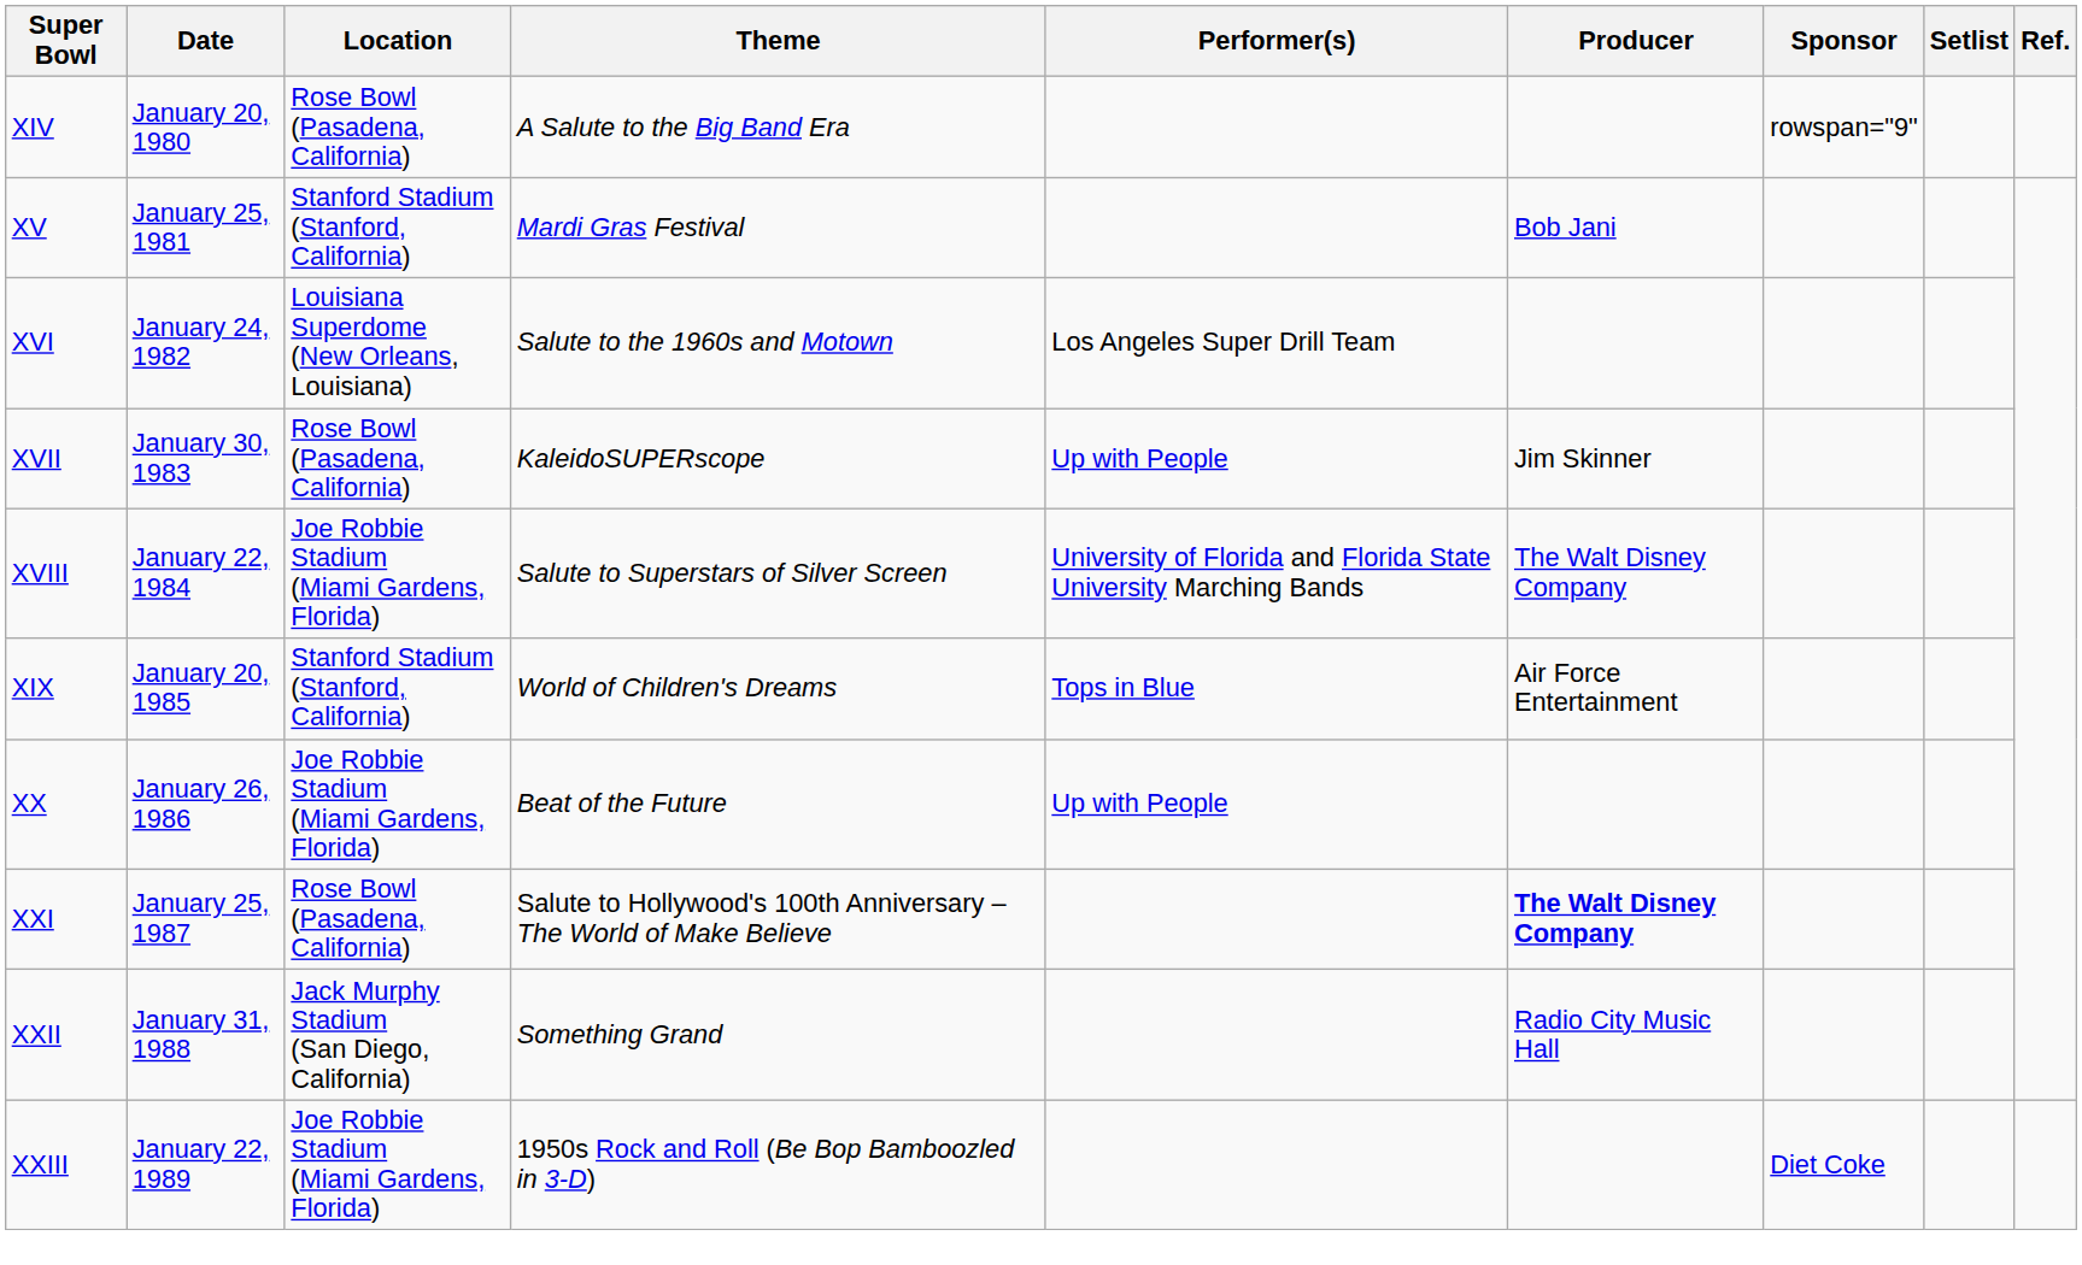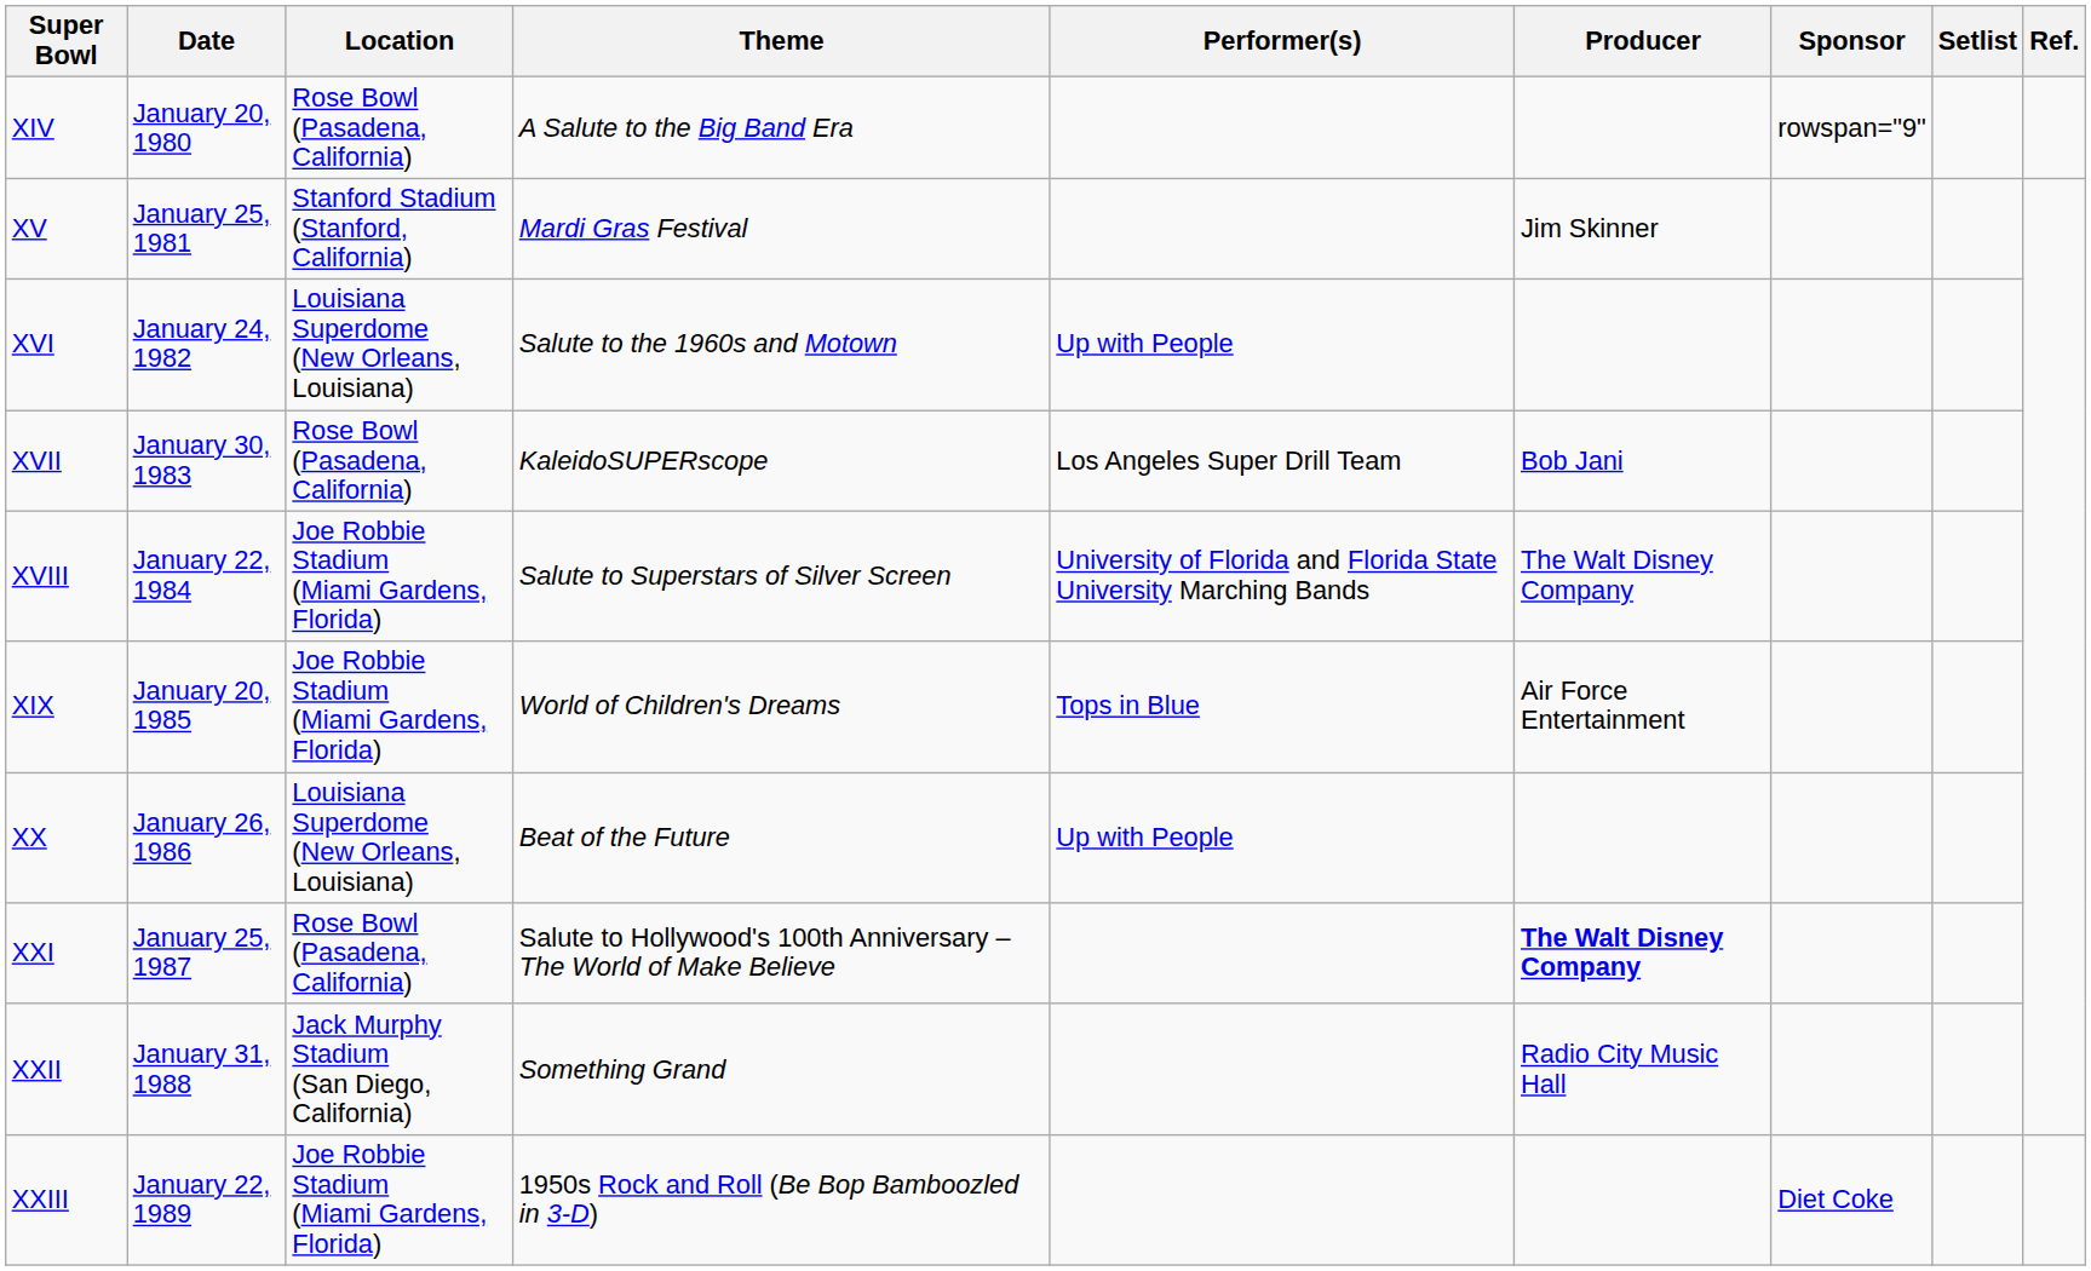 <table class="wikitable" style="width: 100%; ">
 <tr>
 <th>Super Bowl</th>
 <th>Date</th>
 <th>Location</th>
 <th>Theme</th>
 <th>Performer(s)</th>
 <th>Producer</th>
 <th>Sponsor</th>
 <th>Setlist</th>
 <th>Ref.</th>
 </tr>
 <tr>
 <td><a href='#'>XIV</a><br></td>
 <td><a href='#'>January 20, 1980</a></td>
 <td><a href='#'>Rose Bowl</a><br>(<a href='#'>Pasadena, California</a>)</td>
 <td><em>A Salute to the <a href='#'>Big Band</a> Era</em></td>
 <td></td>
 <td></td>
 <td>rowspan="9" </td>
 <td></td>
 <td></td>
 </tr>
 <tr>
 <td><a href='#'>XV</a></td>
 <td><a href='#'>January 25, 1981</a></td>
 <td><a href='#'>Stanford Stadium</a><br>(<a href='#'>Stanford, California</a>)</td>
 <td><em><a href='#'>Mardi Gras</a> Festival</em></td>
 <td></td>
-<td><a href='#'>Bob Jani</a></td>
+<td>Jim Skinner</td>
 <td></td>
 <td></td>
 </tr>
 <tr>
 <td><a href='#'>XVI</a><br></td>
 <td><a href='#'>January 24, 1982</a></td>
 <td><a href='#'>Louisiana Superdome</a><br>(<a href='#'>New Orleans</a>, Louisiana)</td>
 <td><em>Salute to the 1960s and <a href='#'>Motown</a></em></td>
-<td>Los Angeles Super Drill Team</td>
+<td><a href='#'>Up with People</a></td>
 <td></td>
 <td></td>
 <td></td>
 </tr>
 <tr>
 <td><a href='#'>XVII</a></td>
 <td><a href='#'>January 30, 1983</a></td>
 <td><a href='#'>Rose Bowl</a><br>(<a href='#'>Pasadena, California</a>)</td>
 <td><em>KaleidoSUPERscope</em></td>
-<td><a href='#'>Up with People</a></td>
-<td>Jim Skinner</td>
+<td>Los Angeles Super Drill Team</td>
+<td><a href='#'>Bob Jani</a></td>
 <td></td>
 <td></td>
 </tr>
 <tr>
 <td><a href='#'>XVIII</a></td>
 <td><a href='#'>January 22, 1984</a></td>
 <td><a href='#'>Joe Robbie Stadium</a><br>(<a href='#'>Miami Gardens, Florida</a>)</td>
 <td><em>Salute to Superstars of Silver Screen</em></td>
 <td><a href='#'>University of Florida</a> and <a href='#'>Florida State University</a> Marching Bands</td>
 <td><a href='#'>The Walt Disney Company</a></td>
 <td></td>
 <td></td>
 </tr>
 <tr>
 <td><a href='#'>XIX</a></td>
 <td><a href='#'>January 20, 1985</a></td>
-<td><a href='#'>Stanford Stadium</a><br>(<a href='#'>Stanford, California</a>)</td>
+<td><a href='#'>Joe Robbie Stadium</a><br>(<a href='#'>Miami Gardens, Florida</a>)</td>
 <td><em>World of Children's Dreams</em></td>
 <td><a href='#'>Tops in Blue</a></td>
 <td>Air Force Entertainment</td>
 <td></td>
 <td></td>
 </tr>
 <tr>
 <td><a href='#'>XX</a><br></td>
 <td><a href='#'>January 26, 1986</a></td>
-<td><a href='#'>Joe Robbie Stadium</a><br>(<a href='#'>Miami Gardens, Florida</a>)</td>
+<td><a href='#'>Louisiana Superdome</a><br>(<a href='#'>New Orleans</a>, Louisiana)</td>
 <td><em>Beat of the Future</em></td>
 <td><a href='#'>Up with People</a></td>
 <td></td>
 <td></td>
 <td></td>
 </tr>
 <tr>
 <td><a href='#'>XXI</a></td>
 <td><a href='#'>January 25, 1987</a></td>
 <td><a href='#'>Rose Bowl</a><br>(<a href='#'>Pasadena, California</a>)</td>
 <td>Salute to Hollywood's 100th Anniversary – <em>The World of Make Believe</em></td>
 <td></td>
 <td><strong><a href='#'>The Walt Disney Company</a></strong></td>
 <td></td>
 <td></td>
 </tr>
 <tr>
 <td><a href='#'>XXII</a></td>
 <td><a href='#'>January 31, 1988</a></td>
 <td><a href='#'>Jack Murphy Stadium</a><br>(San Diego, California)</td>
 <td><em>Something Grand</em></td>
 <td></td>
 <td><a href='#'>Radio City Music Hall</a></td>
 <td></td>
 <td></td>
 </tr>
 <tr>
 <td><a href='#'>XXIII</a><br></td>
 <td><a href='#'>January 22, 1989</a></td>
 <td><a href='#'>Joe Robbie Stadium</a><br>(<a href='#'>Miami Gardens, Florida</a>)</td>
 <td>1950s <a href='#'>Rock and Roll</a> (<em>Be Bop Bamboozled in <a href='#'>3-D</a></em>)</td>
 <td></td>
 <td></td>
 <td><a href='#'>Diet Coke</a></td>
 <td></td>
 <td></td>
 </tr>
 </table>
